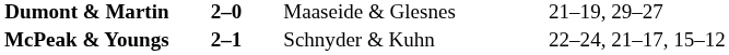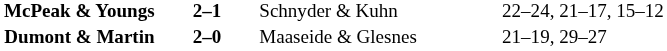 <table>
 <tr>
 <th width=200></th>
 <th width=80></th>
 <th width=200></th>
 <th width=220></th>
 </tr>
 <tr>
+<td align=right><strong>McPeak & Youngs</strong></td>
+<td align=center><strong>2–1</strong></td>
+<td align=left>Schnyder & Kuhn</td>
+<td>22–24, 21–17, 15–12</td>
+</tr>
+<tr>
 <td align=right><strong>Dumont & Martin</strong></td>
 <td align=center><strong>2–0</strong></td>
 <td align=left>Maaseide & Glesnes</td>
 <td>21–19, 29–27</td>
 </tr>
-<tr>
-<td align=right><strong>McPeak & Youngs</strong></td>
-<td align=center><strong>2–1</strong></td>
-<td align=left>Schnyder & Kuhn</td>
-<td>22–24, 21–17, 15–12</td>
-</tr>
 </table>
